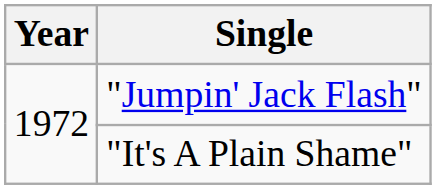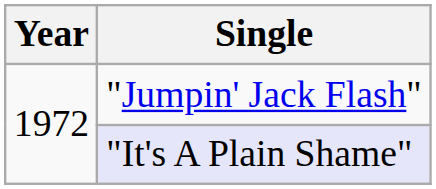 <table class="wikitable">
 <tr>
 <th align="left">Year</th>
 <th align="left">Single</th>
 </tr>
 <tr>
 <td rowspan="2" align="left">1972</td>
 <td align="left">"<a href='#'>Jumpin' Jack Flash</a>"</td>
 </tr>
 <tr>
-<td align="left">"It's A Plain Shame"</td>
+<td align="left" style="background: lavender;">"It's A Plain Shame"</td>
 </tr>
 </table>
